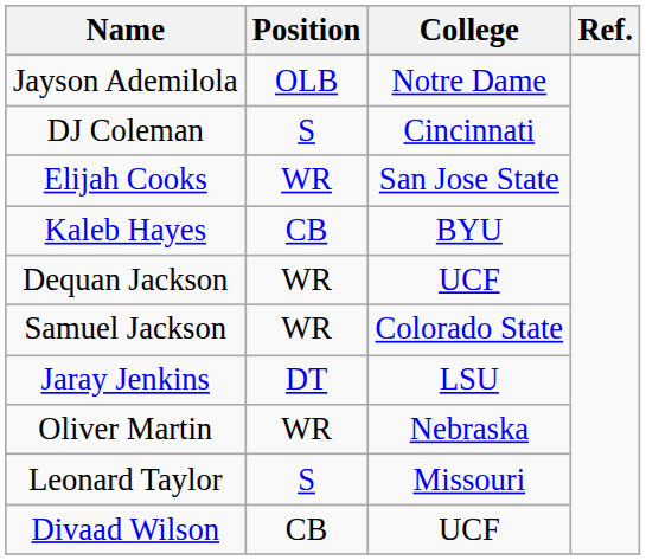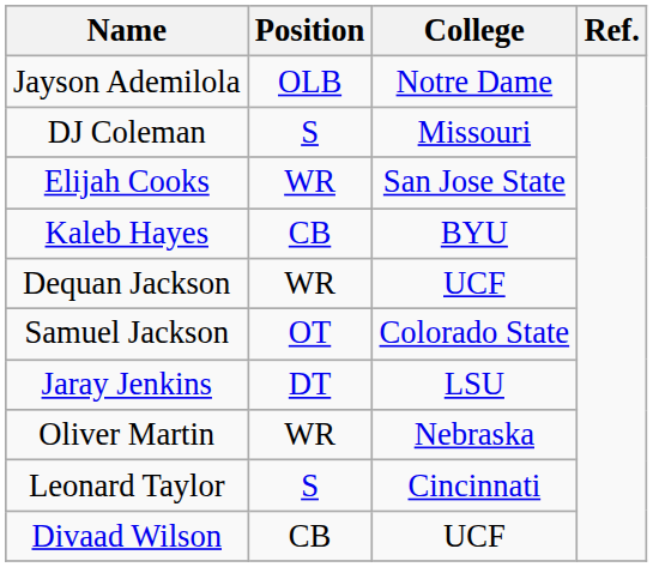 <table class="wikitable" style="text-align:center">
 <tr>
 <th>Name</th>
 <th>Position</th>
 <th>College</th>
 <th>Ref.</th>
 </tr>
 <tr>
 <td>Jayson Ademilola</td>
 <td><a href='#'>OLB</a></td>
 <td><a href='#'>Notre Dame</a></td>
 <td rowspan = 10></td>
 </tr>
 <tr>
 <td>DJ Coleman</td>
 <td><a href='#'>S</a></td>
-<td><a href='#'>Cincinnati</a></td>
+<td><a href='#'>Missouri</a></td>
 </tr>
 <tr>
 <td><a href='#'>Elijah Cooks</a></td>
 <td><a href='#'>WR</a></td>
 <td><a href='#'>San Jose State</a></td>
 </tr>
 <tr>
 <td><a href='#'>Kaleb Hayes</a></td>
 <td><a href='#'>CB</a></td>
 <td><a href='#'>BYU</a></td>
 </tr>
 <tr>
 <td>Dequan Jackson</td>
 <td>WR</td>
 <td><a href='#'>UCF</a></td>
 </tr>
 <tr>
 <td>Samuel Jackson</td>
-<td>WR</td>
+<td><a href='#'>OT</a></td>
 <td><a href='#'>Colorado State</a></td>
 </tr>
 <tr>
 <td><a href='#'>Jaray Jenkins</a></td>
 <td><a href='#'>DT</a></td>
 <td><a href='#'>LSU</a></td>
 </tr>
 <tr>
 <td>Oliver Martin</td>
 <td>WR</td>
 <td><a href='#'>Nebraska</a></td>
 </tr>
 <tr>
 <td>Leonard Taylor</td>
 <td><a href='#'>S</a></td>
-<td><a href='#'>Missouri</a></td>
+<td><a href='#'>Cincinnati</a></td>
 </tr>
 <tr>
 <td><a href='#'>Divaad Wilson</a></td>
 <td>CB</td>
 <td>UCF</td>
 </tr>
 </table>
